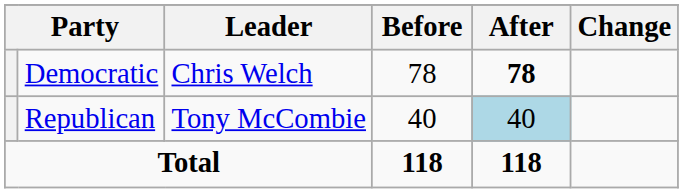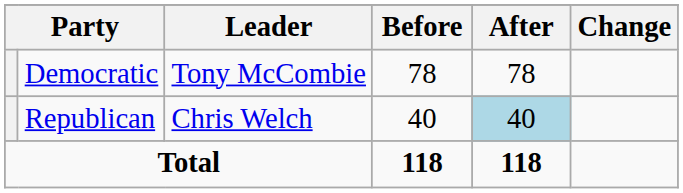 <table class="wikitable" style="text-align:center;">
 <tr>
 </tr>
 <tr>
 <th colspan="2">Party</th>
 <th>Leader</th>
 <th style="width:3em">Before</th>
 <th style="width:3em">After</th>
 <th style="width:3em">Change</th>
 </tr>
 <tr>
 <th style="background-color:"></th>
 <td style="text-align:left;"><a href='#'>Democratic</a></td>
-<td style="text-align:left;"><a href='#'>Chris Welch</a></td>
+<td style="text-align:left;"><a href='#'>Tony McCombie</a></td>
 <td>78</td>
-<td><strong>78</strong></td>
+<td>78</td>
 <td></td>
 </tr>
 <tr>
 <th style="background-color:"></th>
 <td style="text-align:left;"><a href='#'>Republican</a></td>
-<td style="text-align:left;"><a href='#'>Tony McCombie</a></td>
+<td style="text-align:left;"><a href='#'>Chris Welch</a></td>
 <td>40</td>
 <td style="background: lightblue;">40</td>
 <td></td>
 </tr>
 <tr>
 <td colspan="3"><strong>Total</strong></td>
 <td><strong>118</strong></td>
 <td><strong>118</strong></td>
 <td></td>
 </tr>
 </table>
